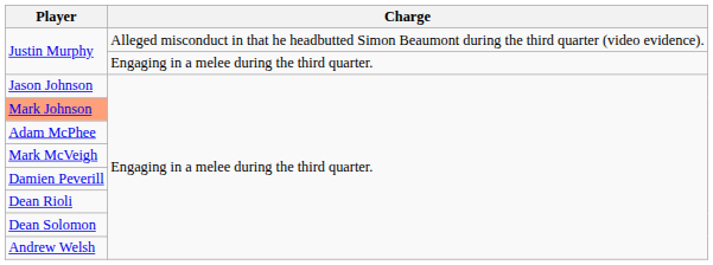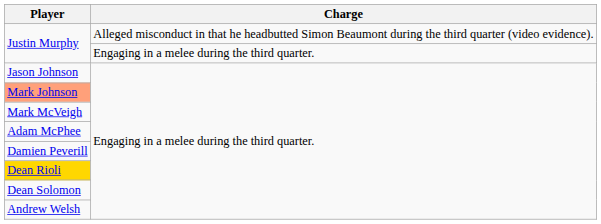 <table class="wikitable">
 <tr style="background:#efefef;">
 <th>Player</th>
 <th>Charge</th>
 </tr>
 <tr>
 <td rowspan="2"><a href='#'>Justin Murphy</a></td>
 <td>Alleged misconduct in that he headbutted Simon Beaumont during the third quarter (video evidence).</td>
 </tr>
 <tr>
 <td>Engaging in a melee during the third quarter.</td>
 </tr>
 <tr>
 <td><a href='#'>Jason Johnson</a></td>
 <td rowspan="8">Engaging in a melee during the third quarter.</td>
 </tr>
 <tr>
 <td style="background: lightsalmon;"><a href='#'>Mark Johnson</a></td>
 </tr>
 <tr>
-<td><a href='#'>Adam McPhee</a></td>
+<td><a href='#'>Mark McVeigh</a></td>
 </tr>
 <tr>
-<td><a href='#'>Mark McVeigh</a></td>
+<td><a href='#'>Adam McPhee</a></td>
 </tr>
 <tr>
 <td><a href='#'>Damien Peverill</a></td>
 </tr>
 <tr>
-<td><a href='#'>Dean Rioli</a></td>
+<td style="background: gold;"><a href='#'>Dean Rioli</a></td>
 </tr>
 <tr>
 <td><a href='#'>Dean Solomon</a></td>
 </tr>
 <tr>
 <td><a href='#'>Andrew Welsh</a></td>
 </tr>
 </table>
